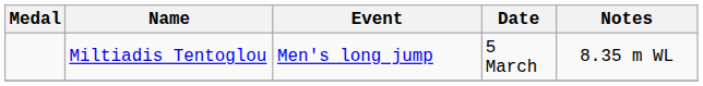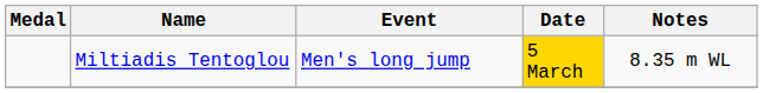 <table class="wikitable sortable">
 <tr>
 <th>Medal</th>
 <th width=150>Name</th>
 <th width=150>Event</th>
 <th width=50>Date</th>
 <th width=100>Notes</th>
 </tr>
 <tr>
 <td></td>
 <td><a href='#'>Miltiadis Tentoglou</a></td>
 <td><a href='#'>Men's long jump</a></td>
-<td>5 March</td>
+<td style="background: gold;">5 March</td>
 <td align=center>8.35 m WL</td>
 </tr>
 <tr>
 </tr>
 </table>
